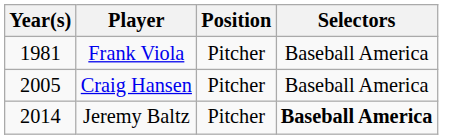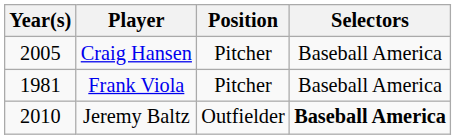 <table class="wikitable" style=" ">
 <tr>
 <th width=px>Year(s)</th>
 <th width=px>Player</th>
 <th width=px>Position</th>
 <th width=px>Selectors</th>
 </tr>
 <tr align="center">
+<td>2005</td>
+<td><a href='#'>Craig Hansen</a></td>
+<td>Pitcher</td>
+<td>Baseball America</td>
+</tr>
+<tr align="center">
 <td>1981</td>
 <td><a href='#'>Frank Viola</a></td>
 <td>Pitcher</td>
 <td>Baseball America</td>
 </tr>
 <tr align="center">
-<td>2005</td>
-<td><a href='#'>Craig Hansen</a></td>
-<td>Pitcher</td>
-<td>Baseball America</td>
-</tr>
-<tr align="center">
-<td>2014</td>
+<td>2010</td>
 <td>Jeremy Baltz</td>
-<td>Pitcher</td>
+<td>Outfielder</td>
 <td><strong>Baseball America</strong></td>
 </tr>
 </table>
